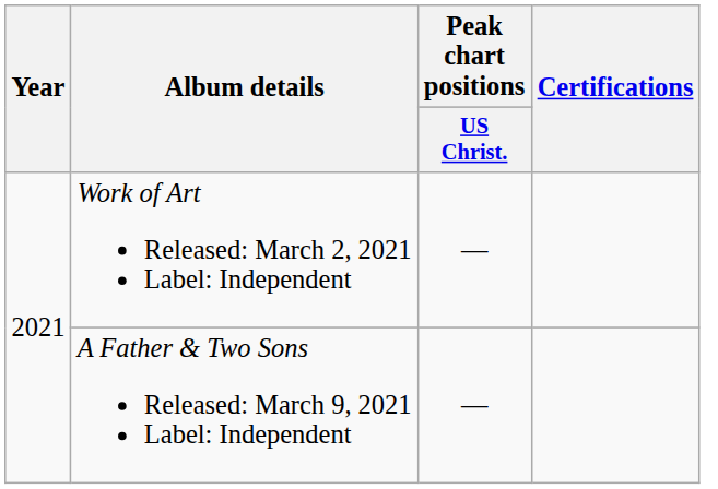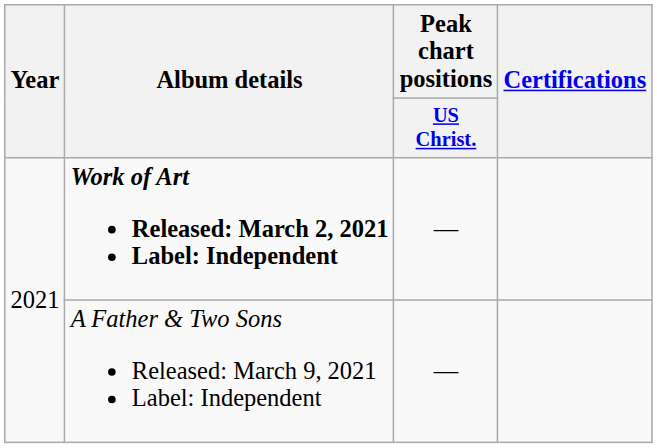 <table class="wikitable" style="text-align:center;">
 <tr>
 <th rowspan="2">Year</th>
 <th rowspan="2">Album details</th>
 <th colspan="1">Peak chart positions</th>
 <th rowspan="2"><a href='#'>Certifications</a></th>
 </tr>
 <tr style="font-size:smaller;">
 <th style="width:40px;"><a href='#'>US<br>Christ.</a><br></th>
 </tr>
 <tr>
 <td rowspan="2">2021</td>
-<td style="text-align:left;"><em>Work of Art</em><br><ul><li>Released: March 2, 2021</li><li>Label: Independent</li></ul></td>
+<td style="text-align:left;"><strong><em>Work of Art</em><br><ul><li>Released: March 2, 2021</li><li>Label: Independent</li></ul></strong></td>
 <td>—</td>
 <td style="text-align:left;"></td>
 </tr>
 <tr>
 <td style="text-align:left;"><em>A Father & Two Sons</em><br><ul><li>Released: March 9, 2021</li><li>Label: Independent</li></ul></td>
 <td>—</td>
 <td></td>
 </tr>
 </table>
